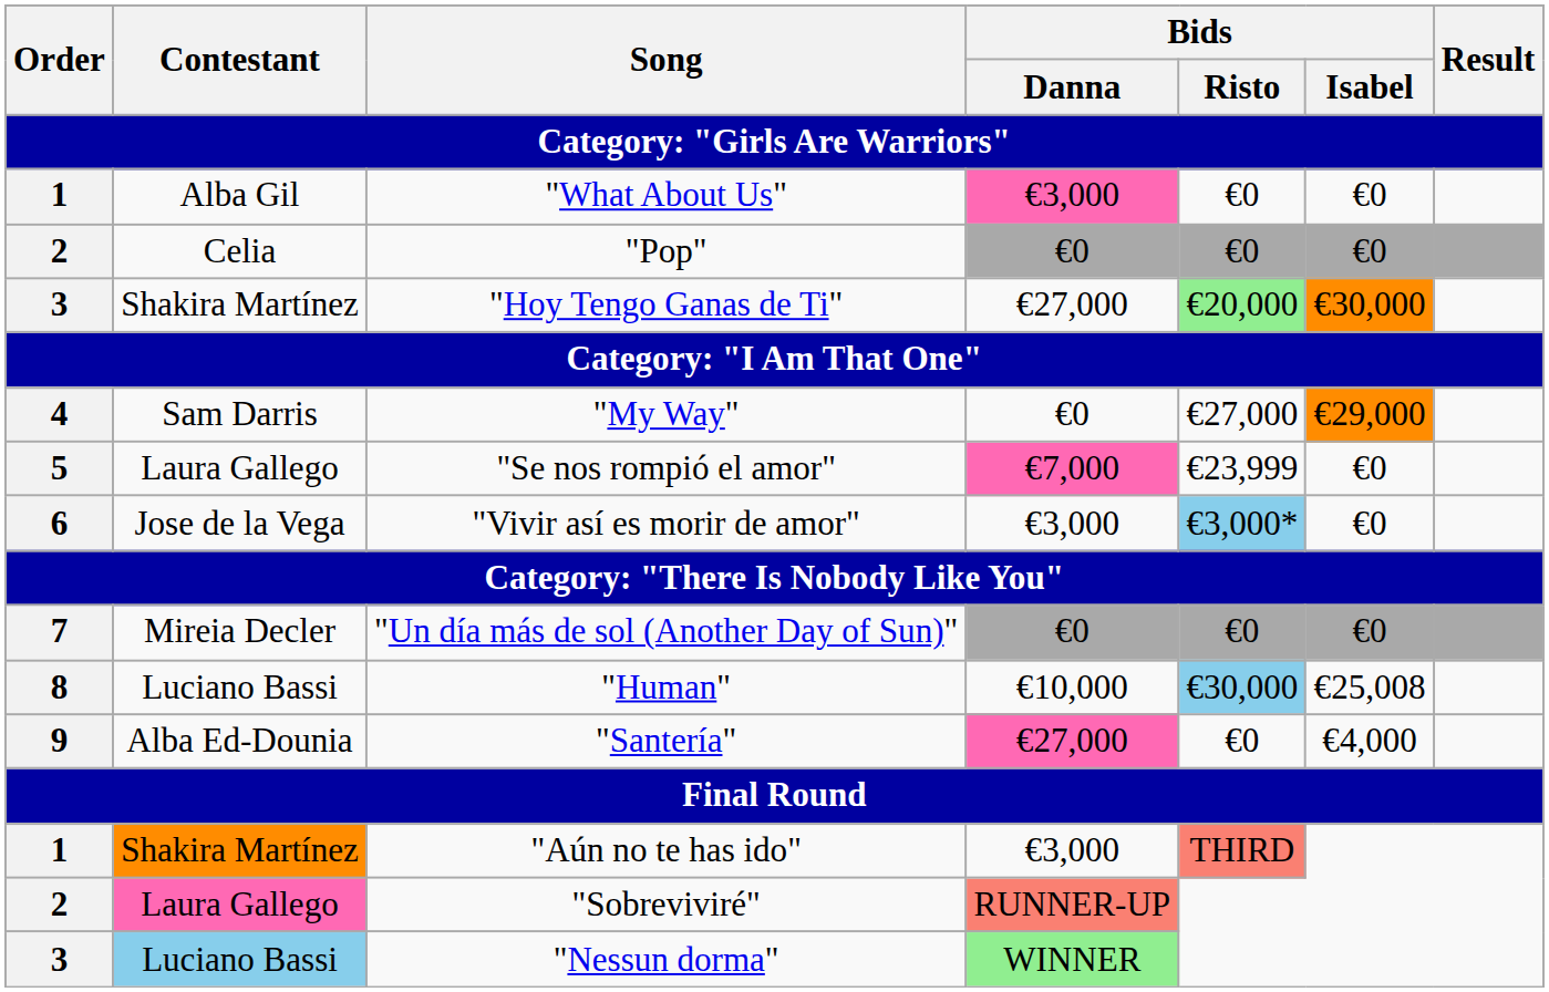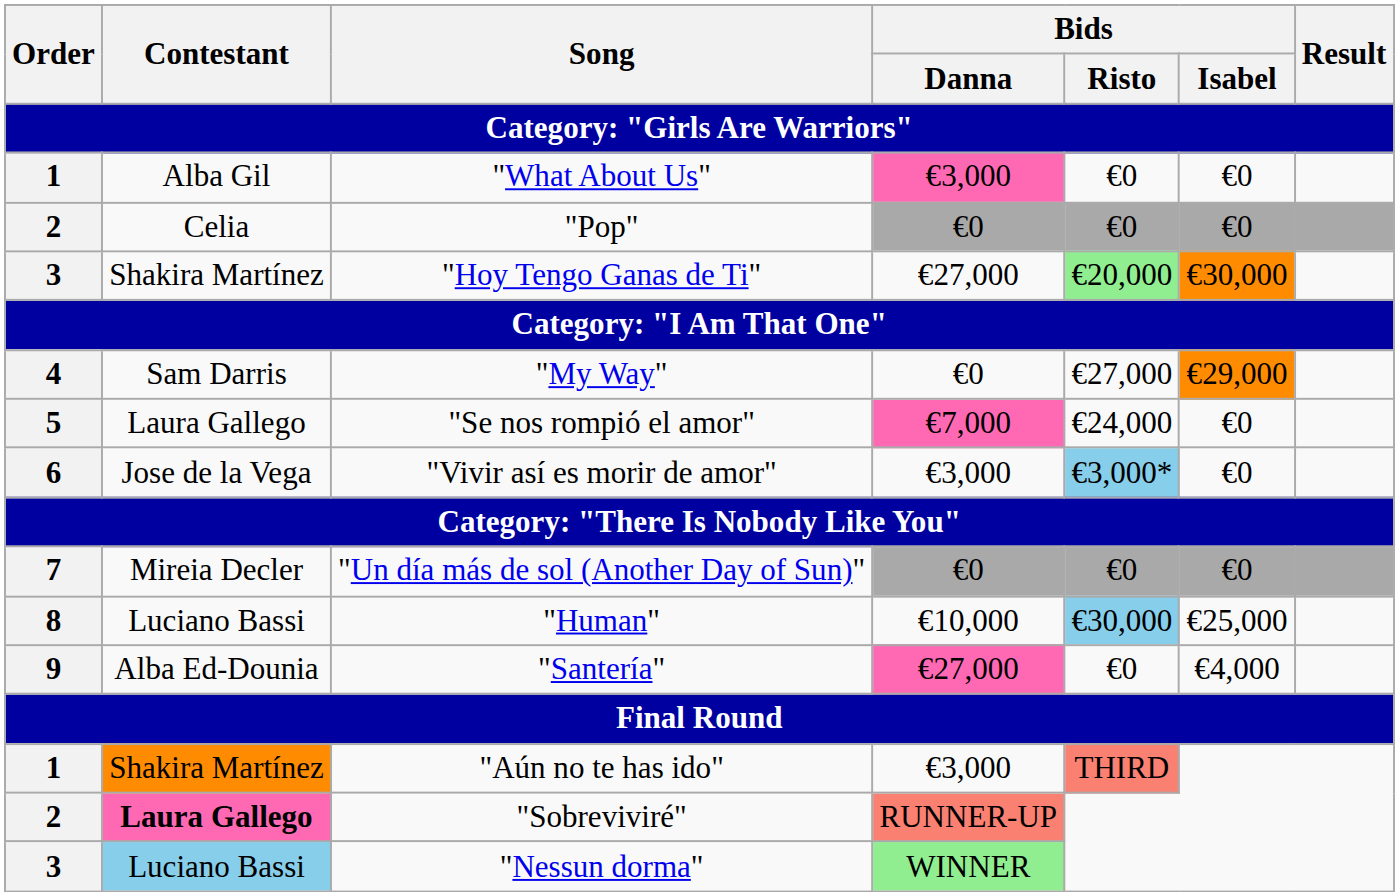 <table class=wikitable>
 <tr>
 <th rowspan=2>Order</th>
 <th rowspan=2>Contestant</th>
 <th rowspan=2>Song</th>
 <th colspan=3>Bids</th>
 <th rowspan=2>Result</th>
 </tr>
 <tr>
 <th>Danna</th>
 <th>Risto</th>
 <th>Isabel</th>
 </tr>
 <tr>
 <th scope="col" colspan="7" style="background:#0000A0; color:white;">Category: "Girls Are Warriors"</th>
 </tr>
 <tr align=center>
 <th>1</th>
 <td>Alba Gil</td>
 <td>"<a href='#'>What About Us</a>"</td>
 <td bgcolor=#ff69b4>€3,000</td>
 <td>€0</td>
 <td>€0</td>
 <td></td>
 </tr>
 <tr align=center>
 <th>2</th>
 <td>Celia</td>
 <td>"Pop"</td>
 <td bgcolor=darkgrey>€0</td>
 <td bgcolor=darkgrey>€0</td>
 <td bgcolor=darkgrey>€0</td>
 <td bgcolor=darkgrey></td>
 </tr>
 <tr align=center>
 <th>3</th>
 <td>Shakira Martínez</td>
 <td>"<a href='#'>Hoy Tengo Ganas de Ti</a>"</td>
 <td>€27,000</td>
 <td style="background: lightgreen;">€20,000</td>
 <td bgcolor=DarkOrange>€30,000</td>
 <td></td>
 </tr>
 <tr>
 <th scope="col" colspan="7" style="background:#0000A0; color:white;">Category: "I Am That One"</th>
 </tr>
 <tr align=center>
 <th>4</th>
 <td>Sam Darris</td>
 <td>"<a href='#'>My Way</a>"</td>
 <td>€0</td>
 <td>€27,000</td>
 <td bgcolor=DarkOrange>€29,000</td>
 <td></td>
 </tr>
 <tr align=center>
 <th>5</th>
 <td>Laura Gallego</td>
 <td>"Se nos rompió el amor"</td>
 <td bgcolor=#ff69b4>€7,000</td>
-<td>€23,999</td>
+<td>€24,000</td>
 <td>€0</td>
 <td></td>
 </tr>
 <tr align=center>
 <th>6</th>
 <td>Jose de la Vega</td>
 <td>"Vivir así es morir de amor"</td>
 <td>€3,000</td>
 <td bgcolor=SkyBlue>€3,000*</td>
 <td>€0</td>
 <td></td>
 </tr>
 <tr>
 <th scope="col" colspan="7" style="background:#0000A0; color:white;">Category: "There Is Nobody Like You"</th>
 </tr>
 <tr align=center>
 <th>7</th>
 <td>Mireia Decler</td>
 <td>"<a href='#'>Un día más de sol (Another Day of Sun)</a>"</td>
 <td bgcolor=darkgrey>€0</td>
 <td bgcolor=darkgrey>€0</td>
 <td bgcolor=darkgrey>€0</td>
 <td bgcolor=darkgrey></td>
 </tr>
 <tr align=center>
 <th>8</th>
 <td>Luciano Bassi</td>
 <td>"<a href='#'>Human</a>"</td>
 <td>€10,000</td>
 <td bgcolor=SkyBlue>€30,000</td>
-<td>€25,008</td>
+<td>€25,000</td>
 <td></td>
 </tr>
 <tr align=center>
 <th>9</th>
 <td>Alba Ed-Dounia</td>
 <td>"<a href='#'>Santería</a>"</td>
 <td bgcolor=#ff69b4>€27,000</td>
 <td>€0</td>
 <td>€4,000</td>
 <td></td>
 </tr>
 <tr>
 <th scope="col" colspan="7" style="background:#0000A0; color:white;">Final Round</th>
 </tr>
 <tr align=center>
 <th>1</th>
 <td bgcolor=DarkOrange>Shakira Martínez</td>
 <td>"Aún no te has ido"</td>
 <td>€3,000</td>
 <td bgcolor=salmon>THIRD</td>
 </tr>
 <tr align=center>
 <th>2</th>
-<td bgcolor=#ff69b4>Laura Gallego</td>
+<td bgcolor=#ff69b4><strong>Laura Gallego</strong></td>
 <td>"Sobreviviré"</td>
 <td bgcolor=salmon>RUNNER-UP</td>
 </tr>
 <tr align=center>
 <th>3</th>
 <td bgcolor=SkyBlue>Luciano Bassi</td>
 <td>"<a href='#'>Nessun dorma</a>"</td>
 <td bgcolor=lightgreen>WINNER</td>
 </tr>
 </table>
